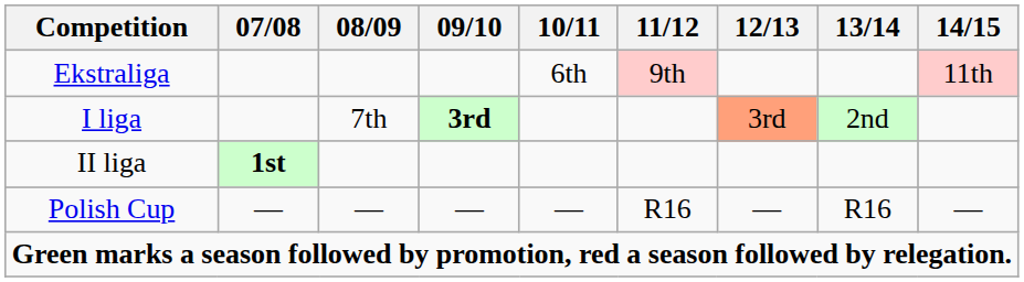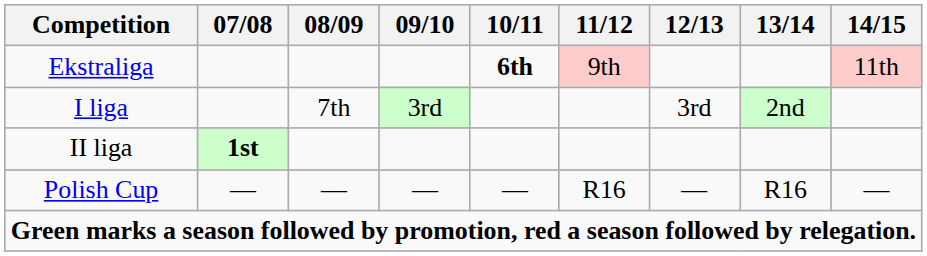 <table class="wikitable" style="text-align:center;">
 <tr>
 <th>Competition</th>
 <th>07/08</th>
 <th>08/09</th>
 <th>09/10</th>
 <th>10/11</th>
 <th>11/12</th>
 <th>12/13</th>
 <th>13/14</th>
 <th>14/15</th>
 </tr>
 <tr>
 <td><a href='#'>Ekstraliga</a></td>
 <td></td>
 <td></td>
 <td></td>
-<td>6th</td>
+<td><strong>6th</strong></td>
 <td style="background:#fcc;">9th</td>
 <td></td>
 <td></td>
 <td style="background:#fcc;">11th</td>
 </tr>
 <tr>
 <td><a href='#'>I liga</a></td>
 <td></td>
 <td>7th</td>
-<td style="background:#cfc;"><strong>3rd</strong></td>
+<td style="background:#cfc;">3rd</td>
 <td></td>
 <td></td>
-<td style="background: lightsalmon;">3rd</td>
+<td>3rd</td>
 <td style="background:#cfc;">2nd</td>
 <td></td>
 </tr>
 <tr>
 <td>II liga</td>
 <td style="background:#cfc;"><strong>1st</strong></td>
 <td></td>
 <td></td>
 <td></td>
 <td></td>
 <td></td>
 <td></td>
 <td></td>
 </tr>
 <tr>
 <td><a href='#'>Polish Cup</a></td>
 <td>—</td>
 <td>—</td>
 <td>—</td>
 <td>—</td>
 <td>R16</td>
 <td>—</td>
 <td>R16</td>
 <td>—</td>
 </tr>
 <tr>
 <td colspan="12"><strong>Green marks a season followed by promotion, red a season followed by relegation.</strong></td>
 </tr>
 </table>
